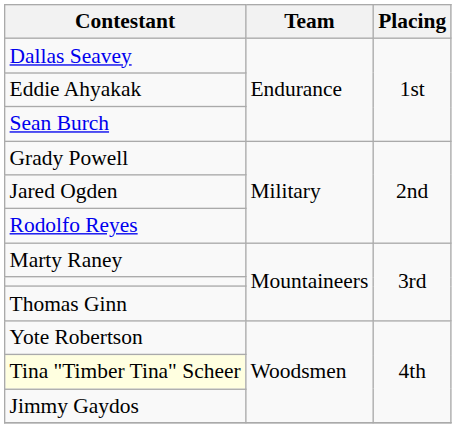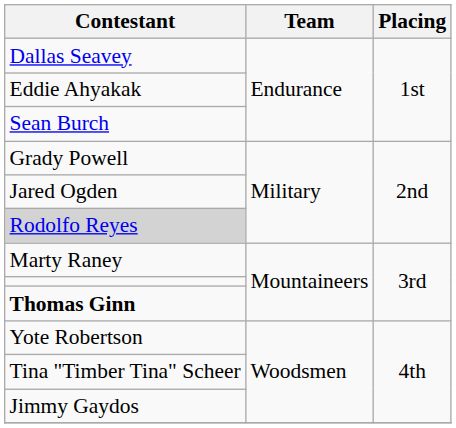 <table class="wikitable sortable">
 <tr>
 <th>Contestant</th>
 <th>Team</th>
 <th>Placing</th>
 </tr>
 <tr>
 <td><a href='#'>Dallas Seavey</a></td>
 <td rowspan="3">Endurance</td>
 <td align="center" rowspan="3">1st</td>
 </tr>
 <tr>
 <td>Eddie Ahyakak</td>
 </tr>
 <tr>
 <td><a href='#'>Sean Burch</a></td>
 </tr>
 <tr>
 <td>Grady Powell</td>
 <td rowspan="3">Military</td>
 <td align="center" rowspan="3">2nd</td>
 </tr>
 <tr>
 <td>Jared Ogden</td>
 </tr>
 <tr>
-<td><a href='#'>Rodolfo Reyes</a></td>
+<td style="background: lightgrey;"><a href='#'>Rodolfo Reyes</a></td>
 </tr>
 <tr>
 <td>Marty Raney</td>
 <td rowspan="3">Mountaineers</td>
 <td align="center" rowspan="3">3rd</td>
 </tr>
 <tr>
 <td></td>
 </tr>
 <tr>
-<td>Thomas Ginn</td>
+<td><strong>Thomas Ginn</strong></td>
 </tr>
 <tr>
 <td>Yote Robertson</td>
 <td rowspan="3">Woodsmen</td>
 <td align="center" rowspan="3">4th</td>
 </tr>
 <tr>
-<td style="background: lightyellow;">Tina "Timber Tina" Scheer</td>
+<td>Tina "Timber Tina" Scheer</td>
 </tr>
 <tr>
 <td>Jimmy Gaydos</td>
 </tr>
 <tr>
 </tr>
 </table>
